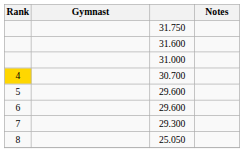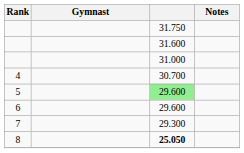 <table class="wikitable sortable" style="text-align:center; font-size:90%">
 <tr>
 <th scope="col" style="width:20px;">Rank</th>
 <th ! scope="col" style="width:170px;">Gymnast</th>
 <th ! scope="col" style="width:60px;"></th>
 <th ! scope="col" style="width:60px;">Notes</th>
 </tr>
 <tr>
 <td></td>
 <td align=left></td>
 <td>31.750</td>
 <td></td>
 </tr>
 <tr>
 <td></td>
 <td align=left></td>
 <td>31.600</td>
 <td></td>
 </tr>
 <tr>
 <td></td>
 <td align=left></td>
 <td>31.000</td>
 <td></td>
 </tr>
 <tr>
-<td style="background: gold;">4</td>
+<td>4</td>
 <td align=left></td>
 <td>30.700</td>
 <td></td>
 </tr>
 <tr>
 <td>5</td>
 <td align=left></td>
-<td>29.600</td>
+<td style="background: lightgreen;">29.600</td>
 <td></td>
 </tr>
 <tr>
 <td>6</td>
 <td align=left></td>
 <td>29.600</td>
 <td></td>
 </tr>
 <tr>
 <td>7</td>
 <td align=left></td>
 <td>29.300</td>
 <td></td>
 </tr>
 <tr>
 <td>8</td>
 <td align=left></td>
-<td>25.050</td>
+<td><strong>25.050</strong></td>
 <td></td>
 </tr>
 <tr>
 </tr>
 </table>
